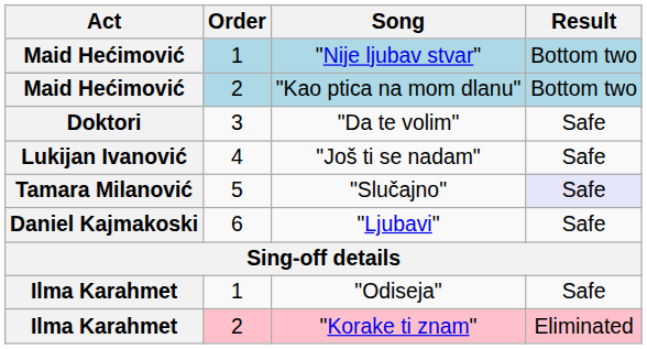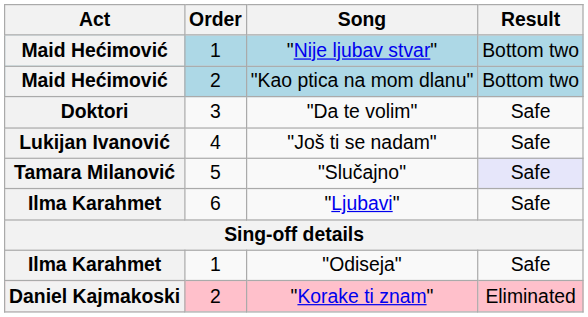 <table class="wikitable plainrowheaders" style="text-align:center;">
 <tr>
 <th scope="col">Act</th>
 <th scope="col">Order</th>
 <th scope="col">Song</th>
 <th scope="col">Result</th>
 </tr>
 <tr style="background:lightblue;">
 <th scope="row">Maid Hećimović</th>
 <td>1</td>
 <td>"<a href='#'>Nije ljubav stvar</a>"</td>
 <td>Bottom two</td>
 </tr>
 <tr style="background:lightblue;">
 <th scope="row">Maid Hećimović</th>
 <td>2</td>
 <td>"Kao ptica na mom dlanu"</td>
 <td>Bottom two</td>
 </tr>
 <tr>
 <th scope="row">Doktori</th>
 <td>3</td>
 <td>"Da te volim"</td>
 <td>Safe</td>
 </tr>
 <tr>
 <th scope="row">Lukijan Ivanović</th>
 <td>4</td>
 <td>"Još ti se nadam"</td>
 <td>Safe</td>
 </tr>
 <tr>
 <th scope="row">Tamara Milanović</th>
 <td>5</td>
 <td>"Slučajno"</td>
 <td style="background: lavender;">Safe</td>
 </tr>
 <tr>
-<th scope="row">Daniel Kajmakoski</th>
+<th scope="row">Ilma Karahmet</th>
 <td>6</td>
 <td>"<a href='#'>Ljubavi</a>"</td>
 <td>Safe</td>
 </tr>
 <tr>
 <th colspan="4">Sing-off details</th>
 </tr>
 <tr>
 <th scope="row">Ilma Karahmet</th>
 <td>1</td>
 <td>"Odiseja"</td>
 <td>Safe</td>
 </tr>
 <tr style="background:pink;">
-<th scope="row">Ilma Karahmet</th>
+<th scope="row">Daniel Kajmakoski</th>
 <td>2</td>
 <td>"<a href='#'>Korake ti znam</a>"</td>
 <td>Eliminated</td>
 </tr>
 </table>
